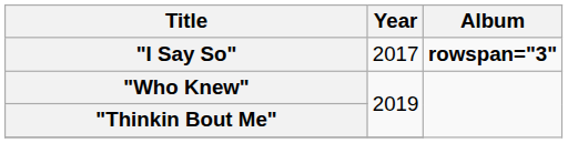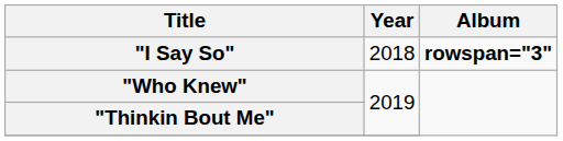 <table class="wikitable plainrowheaders" style="text-align:center;" border="2">
 <tr>
 <th scope="col" style="width:17em;">Title</th>
 <th scope="col" style="width:1em;">Year</th>
 <th scope="col">Album</th>
 </tr>
 <tr>
 <th scope="row">"I Say So"</th>
-<td>2017</td>
+<td>2018</td>
 <td><strong>rowspan="3" </strong></td>
 </tr>
 <tr>
 <th scope="row">"Who Knew" </th>
 <td rowspan="2">2019</td>
 </tr>
 <tr>
 <th scope="row">"Thinkin Bout Me" </th>
 </tr>
 <tr>
 </tr>
 </table>
